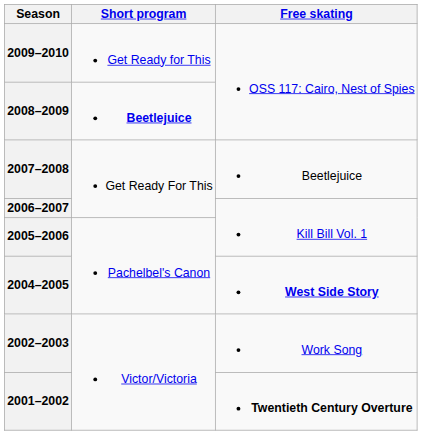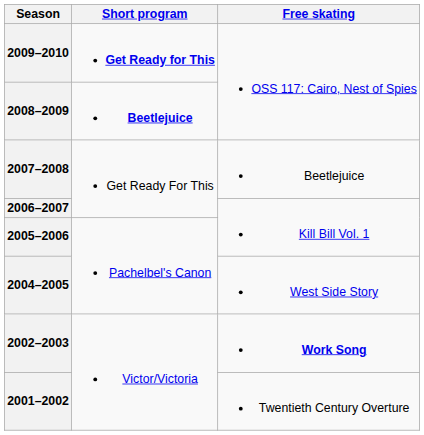 <table class=wikitable style=text-align:center>
 <tr>
 <th>Season</th>
 <th><a href='#'>Short program</a></th>
 <th><a href='#'>Free skating</a></th>
 </tr>
 <tr>
 <th>2009–2010 <br> </th>
-<td><br><ul><li><a href='#'>Get Ready for This</a> <br></li></ul></td>
+<td><strong><br><ul><li><a href='#'>Get Ready for This</a> <br></li></ul></strong></td>
 <td rowspan=2><br><ul><li><a href='#'>OSS 117: Cairo, Nest of Spies</a> <br></li></ul></td>
 </tr>
 <tr>
 <th>2008–2009 <br> </th>
 <td><strong><br><ul><li><a href='#'>Beetlejuice</a> <br></li></ul></strong></td>
 </tr>
 <tr>
 <th>2007–2008 <br> </th>
 <td rowspan=2><br><ul><li>Get Ready For This <br></li></ul></td>
 <td><br><ul><li>Beetlejuice <br></li></ul></td>
 </tr>
 <tr>
 <th>2006–2007 <br> </th>
 <td rowspan=2><br><ul><li><a href='#'>Kill Bill Vol. 1</a></li></ul></td>
 </tr>
 <tr>
 <th>2005–2006 <br> </th>
 <td rowspan=2><br><ul><li><a href='#'>Pachelbel's Canon</a> <br></li></ul></td>
 </tr>
 <tr>
 <th>2004–2005 <br> </th>
-<td><strong><br><ul><li><a href='#'>West Side Story</a> <br></li></ul></strong></td>
+<td><br><ul><li><a href='#'>West Side Story</a> <br></li></ul></td>
 </tr>
 <tr>
 <th>2002–2003 <br> </th>
 <td rowspan=2><br><ul><li><a href='#'>Victor/Victoria</a> <br></li></ul></td>
-<td><br><ul><li><a href='#'>Work Song</a> <br></li></ul></td>
+<td><strong><br><ul><li><a href='#'>Work Song</a> <br></li></ul></strong></td>
 </tr>
 <tr>
 <th>2001–2002 <br> </th>
-<td><strong><br><ul><li>Twentieth Century Overture</li></ul></strong></td>
+<td><br><ul><li>Twentieth Century Overture</li></ul></td>
 </tr>
 </table>
